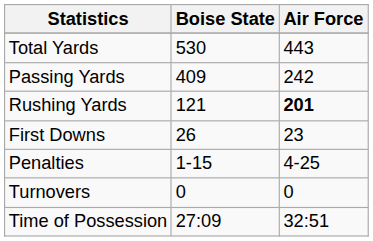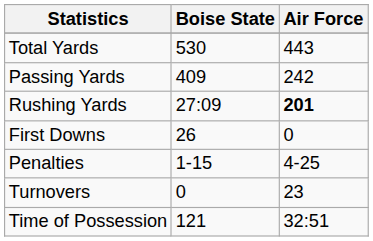 <table class="wikitable">
 <tr>
 <th>Statistics</th>
 <th>Boise State</th>
 <th>Air Force</th>
 </tr>
 <tr>
 </tr>
 <tr>
 <td>Total Yards</td>
 <td>530</td>
 <td>443</td>
 </tr>
 <tr>
 <td>Passing Yards</td>
 <td>409</td>
 <td>242</td>
 </tr>
 <tr>
 <td>Rushing Yards</td>
-<td>121</td>
+<td>27:09</td>
 <td><strong>201</strong></td>
 </tr>
 <tr>
 <td>First Downs</td>
 <td>26</td>
-<td>23</td>
+<td>0</td>
 </tr>
 <tr>
 <td>Penalties</td>
 <td>1-15</td>
 <td>4-25</td>
 </tr>
 <tr>
 <td>Turnovers</td>
 <td>0</td>
-<td>0</td>
+<td>23</td>
 </tr>
 <tr>
 <td>Time of Possession</td>
-<td>27:09</td>
+<td>121</td>
 <td>32:51</td>
 </tr>
 </table>
